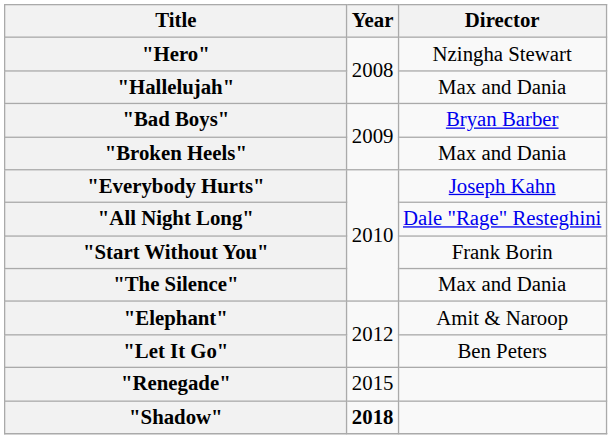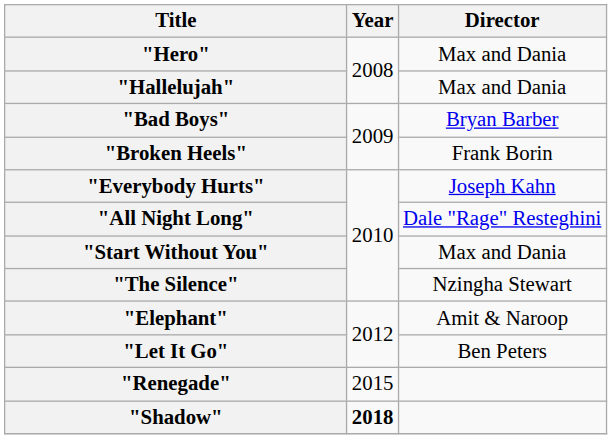 <table class="wikitable plainrowheaders" style="text-align:center;">
 <tr>
 <th scope="col" style="width:16em;">Title</th>
 <th scope="col" style="width:1em;">Year</th>
 <th scope="col">Director</th>
 </tr>
 <tr>
 <th scope="row">"Hero"</th>
 <td rowspan="2">2008</td>
-<td>Nzingha Stewart</td>
+<td>Max and Dania</td>
 </tr>
 <tr>
 <th scope="row">"Hallelujah"</th>
 <td>Max and Dania</td>
 </tr>
 <tr>
 <th scope="row">"Bad Boys"</th>
 <td rowspan="2">2009</td>
 <td><a href='#'>Bryan Barber</a></td>
 </tr>
 <tr>
 <th scope="row">"Broken Heels"</th>
-<td>Max and Dania</td>
+<td>Frank Borin</td>
 </tr>
 <tr>
 <th scope="row">"Everybody Hurts"</th>
 <td rowspan="4">2010</td>
 <td><a href='#'>Joseph Kahn</a></td>
 </tr>
 <tr>
 <th scope="row">"All Night Long"</th>
 <td><a href='#'>Dale "Rage" Resteghini</a></td>
 </tr>
 <tr>
 <th scope="row">"Start Without You"</th>
-<td>Frank Borin</td>
+<td>Max and Dania</td>
 </tr>
 <tr>
 <th scope="row">"The Silence"</th>
-<td>Max and Dania</td>
+<td>Nzingha Stewart</td>
 </tr>
 <tr>
 <th scope="row">"Elephant"</th>
 <td rowspan="2">2012</td>
 <td>Amit & Naroop</td>
 </tr>
 <tr>
 <th scope="row">"Let It Go"</th>
 <td>Ben Peters</td>
 </tr>
 <tr>
 <th scope="row">"Renegade"</th>
 <td rowspan="1">2015</td>
 <td></td>
 </tr>
 <tr>
 <th scope="row">"Shadow"</th>
 <td rowspan="1"><strong>2018</strong></td>
 <td></td>
 </tr>
 <tr>
 </tr>
 </table>
